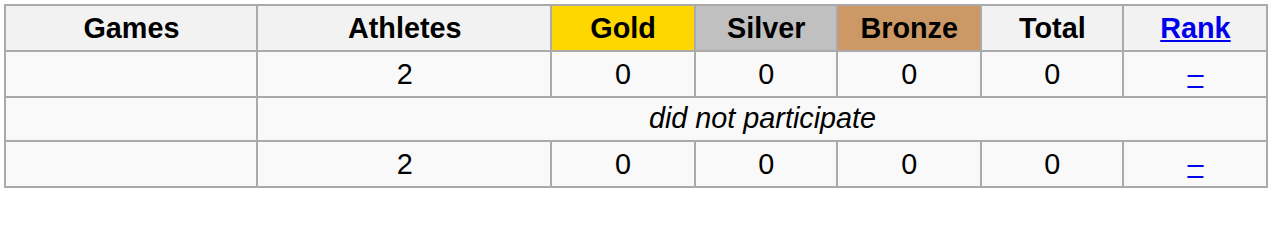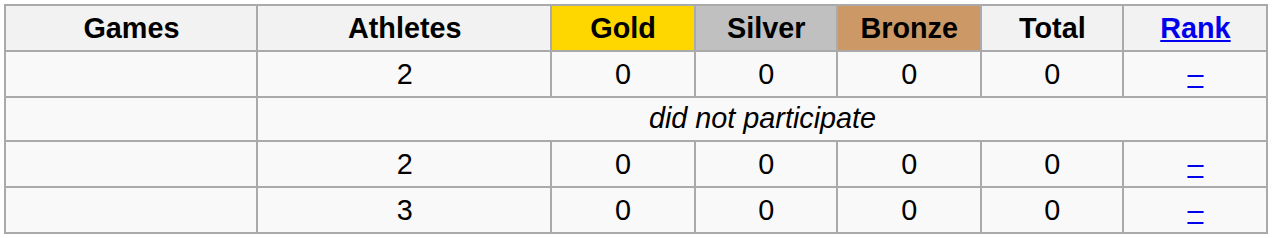 <table class="wikitable" style="text-align:center; font-size:90%;" width=50%>
 <tr>
 <th>Games</th>
 <th>Athletes</th>
 <td style="background:gold; width:4.5em; font-weight:bold;">Gold</td>
 <td style="background:silver; width:4.5em; font-weight:bold;">Silver</td>
 <td style="background:#cc9966; width:4.5em; font-weight:bold;">Bronze</td>
 <th style="width:4.5em; font-weight:bold;">Total</th>
 <th style="width:4.5em; font-weight:bold;"><a href='#'>Rank</a></th>
 </tr>
 <tr>
 <td align=left></td>
 <td>2</td>
 <td>0</td>
 <td>0</td>
 <td>0</td>
 <td>0</td>
 <td><a href='#'>–</a></td>
 </tr>
 <tr>
 <td align=left></td>
 <td colspan=6><em>did not participate</em></td>
 </tr>
 <tr>
 <td align=left></td>
 <td>2</td>
 <td>0</td>
 <td>0</td>
 <td>0</td>
 <td>0</td>
 <td><a href='#'>–</a></td>
 </tr>
+<tr>
+<td align=left></td>
+<td>3</td>
+<td>0</td>
+<td>0</td>
+<td>0</td>
+<td>0</td>
+<td><a href='#'>–</a></td>
+</tr>
 </table>
